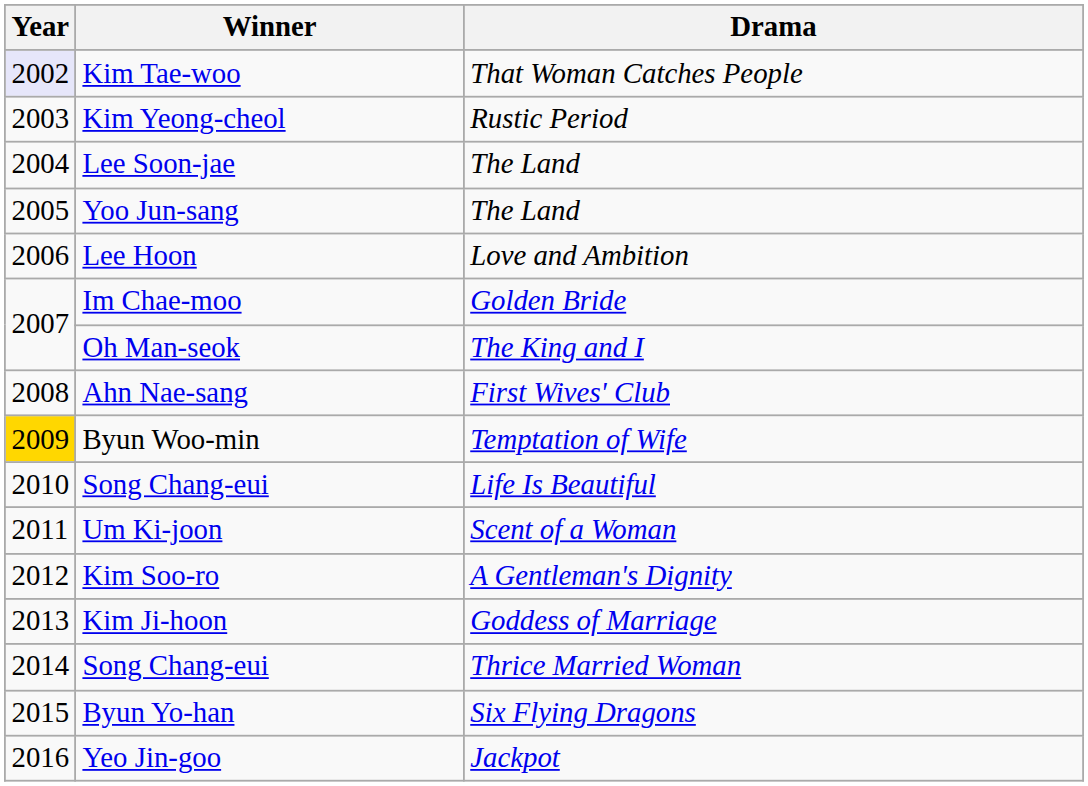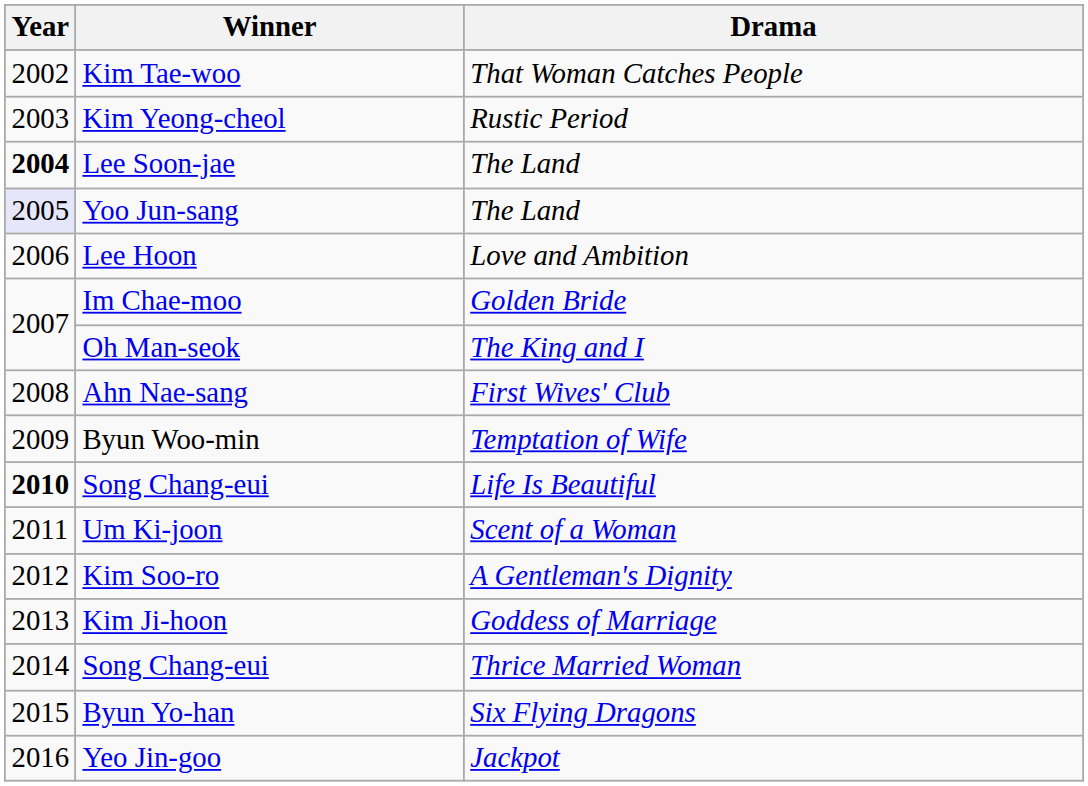 <table class="wikitable" style="width:600px">
 <tr>
 <th width=10>Year</th>
 <th>Winner</th>
 <th>Drama</th>
 </tr>
 <tr>
-<td style="background: lavender;">2002</td>
+<td>2002</td>
 <td><a href='#'>Kim Tae-woo</a></td>
 <td><em>That Woman Catches People</em></td>
 </tr>
 <tr>
 <td>2003</td>
 <td><a href='#'>Kim Yeong-cheol</a></td>
 <td><em>Rustic Period</em></td>
 </tr>
 <tr>
-<td>2004</td>
+<td><strong>2004</strong></td>
 <td><a href='#'>Lee Soon-jae</a></td>
 <td><em>The Land</em></td>
 </tr>
 <tr>
-<td>2005</td>
+<td style="background: lavender;">2005</td>
 <td><a href='#'>Yoo Jun-sang</a></td>
 <td><em>The Land</em></td>
 </tr>
 <tr>
 <td>2006</td>
 <td><a href='#'>Lee Hoon</a></td>
 <td><em>Love and Ambition</em></td>
 </tr>
 <tr>
 <td rowspan=2>2007</td>
 <td><a href='#'>Im Chae-moo</a></td>
 <td><em><a href='#'>Golden Bride</a></em></td>
 </tr>
 <tr>
 <td><a href='#'>Oh Man-seok</a></td>
 <td><em><a href='#'>The King and I</a></em></td>
 </tr>
 <tr>
 <td>2008</td>
 <td><a href='#'>Ahn Nae-sang</a></td>
 <td><em><a href='#'>First Wives' Club</a></em></td>
 </tr>
 <tr>
-<td style="background: gold;">2009</td>
+<td>2009</td>
 <td>Byun Woo-min</td>
 <td><em><a href='#'>Temptation of Wife</a></em></td>
 </tr>
 <tr>
-<td>2010</td>
+<td><strong>2010</strong></td>
 <td><a href='#'>Song Chang-eui</a></td>
 <td><em><a href='#'>Life Is Beautiful</a></em></td>
 </tr>
 <tr>
 <td>2011</td>
 <td><a href='#'>Um Ki-joon</a></td>
 <td><em><a href='#'>Scent of a Woman</a></em></td>
 </tr>
 <tr>
 <td>2012</td>
 <td><a href='#'>Kim Soo-ro</a></td>
 <td><em><a href='#'>A Gentleman's Dignity</a></em></td>
 </tr>
 <tr>
 <td>2013</td>
 <td><a href='#'>Kim Ji-hoon</a></td>
 <td><em><a href='#'>Goddess of Marriage</a></em></td>
 </tr>
 <tr>
 <td>2014</td>
 <td><a href='#'>Song Chang-eui</a></td>
 <td><em><a href='#'>Thrice Married Woman</a></em></td>
 </tr>
 <tr>
 <td>2015</td>
 <td><a href='#'>Byun Yo-han</a></td>
 <td><em><a href='#'>Six Flying Dragons</a></em></td>
 </tr>
 <tr>
 <td>2016</td>
 <td><a href='#'>Yeo Jin-goo</a></td>
 <td><em><a href='#'>Jackpot</a></em></td>
 </tr>
 </table>
